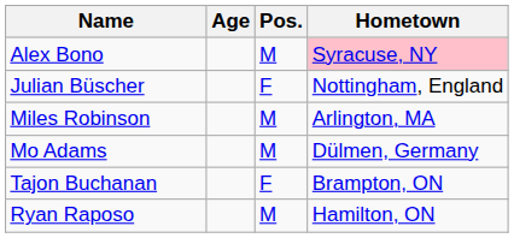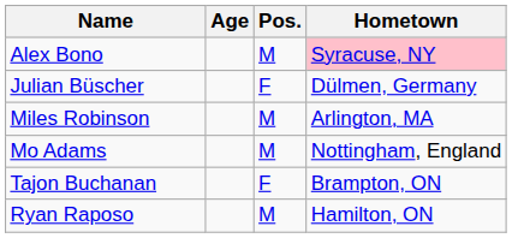 <table class= wikitable>
 <tr>
 <th width=150px>Name</th>
 <th width=px>Age</th>
 <th width=px>Pos.</th>
 <th width=px>Hometown</th>
 </tr>
 <tr>
 <td> <a href='#'>Alex Bono</a></td>
 <td></td>
 <td><a href='#'>M</a></td>
 <td style="background: pink;"><a href='#'>Syracuse, NY</a></td>
 </tr>
 <tr>
 <td> <a href='#'>Julian Büscher</a></td>
 <td></td>
 <td><a href='#'>F</a></td>
-<td><a href='#'>Nottingham</a>, England</td>
+<td><a href='#'>Dülmen, Germany</a></td>
 </tr>
 <tr>
 <td> <a href='#'>Miles Robinson</a></td>
 <td></td>
 <td><a href='#'>M</a></td>
 <td><a href='#'>Arlington, MA</a></td>
 </tr>
 <tr>
 <td> <a href='#'>Mo Adams</a></td>
 <td></td>
 <td><a href='#'>M</a></td>
-<td><a href='#'>Dülmen, Germany</a></td>
+<td><a href='#'>Nottingham</a>, England</td>
 </tr>
 <tr>
 <td> <a href='#'>Tajon Buchanan</a></td>
 <td></td>
 <td><a href='#'>F</a></td>
 <td><a href='#'>Brampton, ON</a></td>
 </tr>
 <tr>
 <td> <a href='#'>Ryan Raposo</a></td>
 <td></td>
 <td><a href='#'>M</a></td>
 <td><a href='#'>Hamilton, ON</a></td>
 </tr>
 </table>
